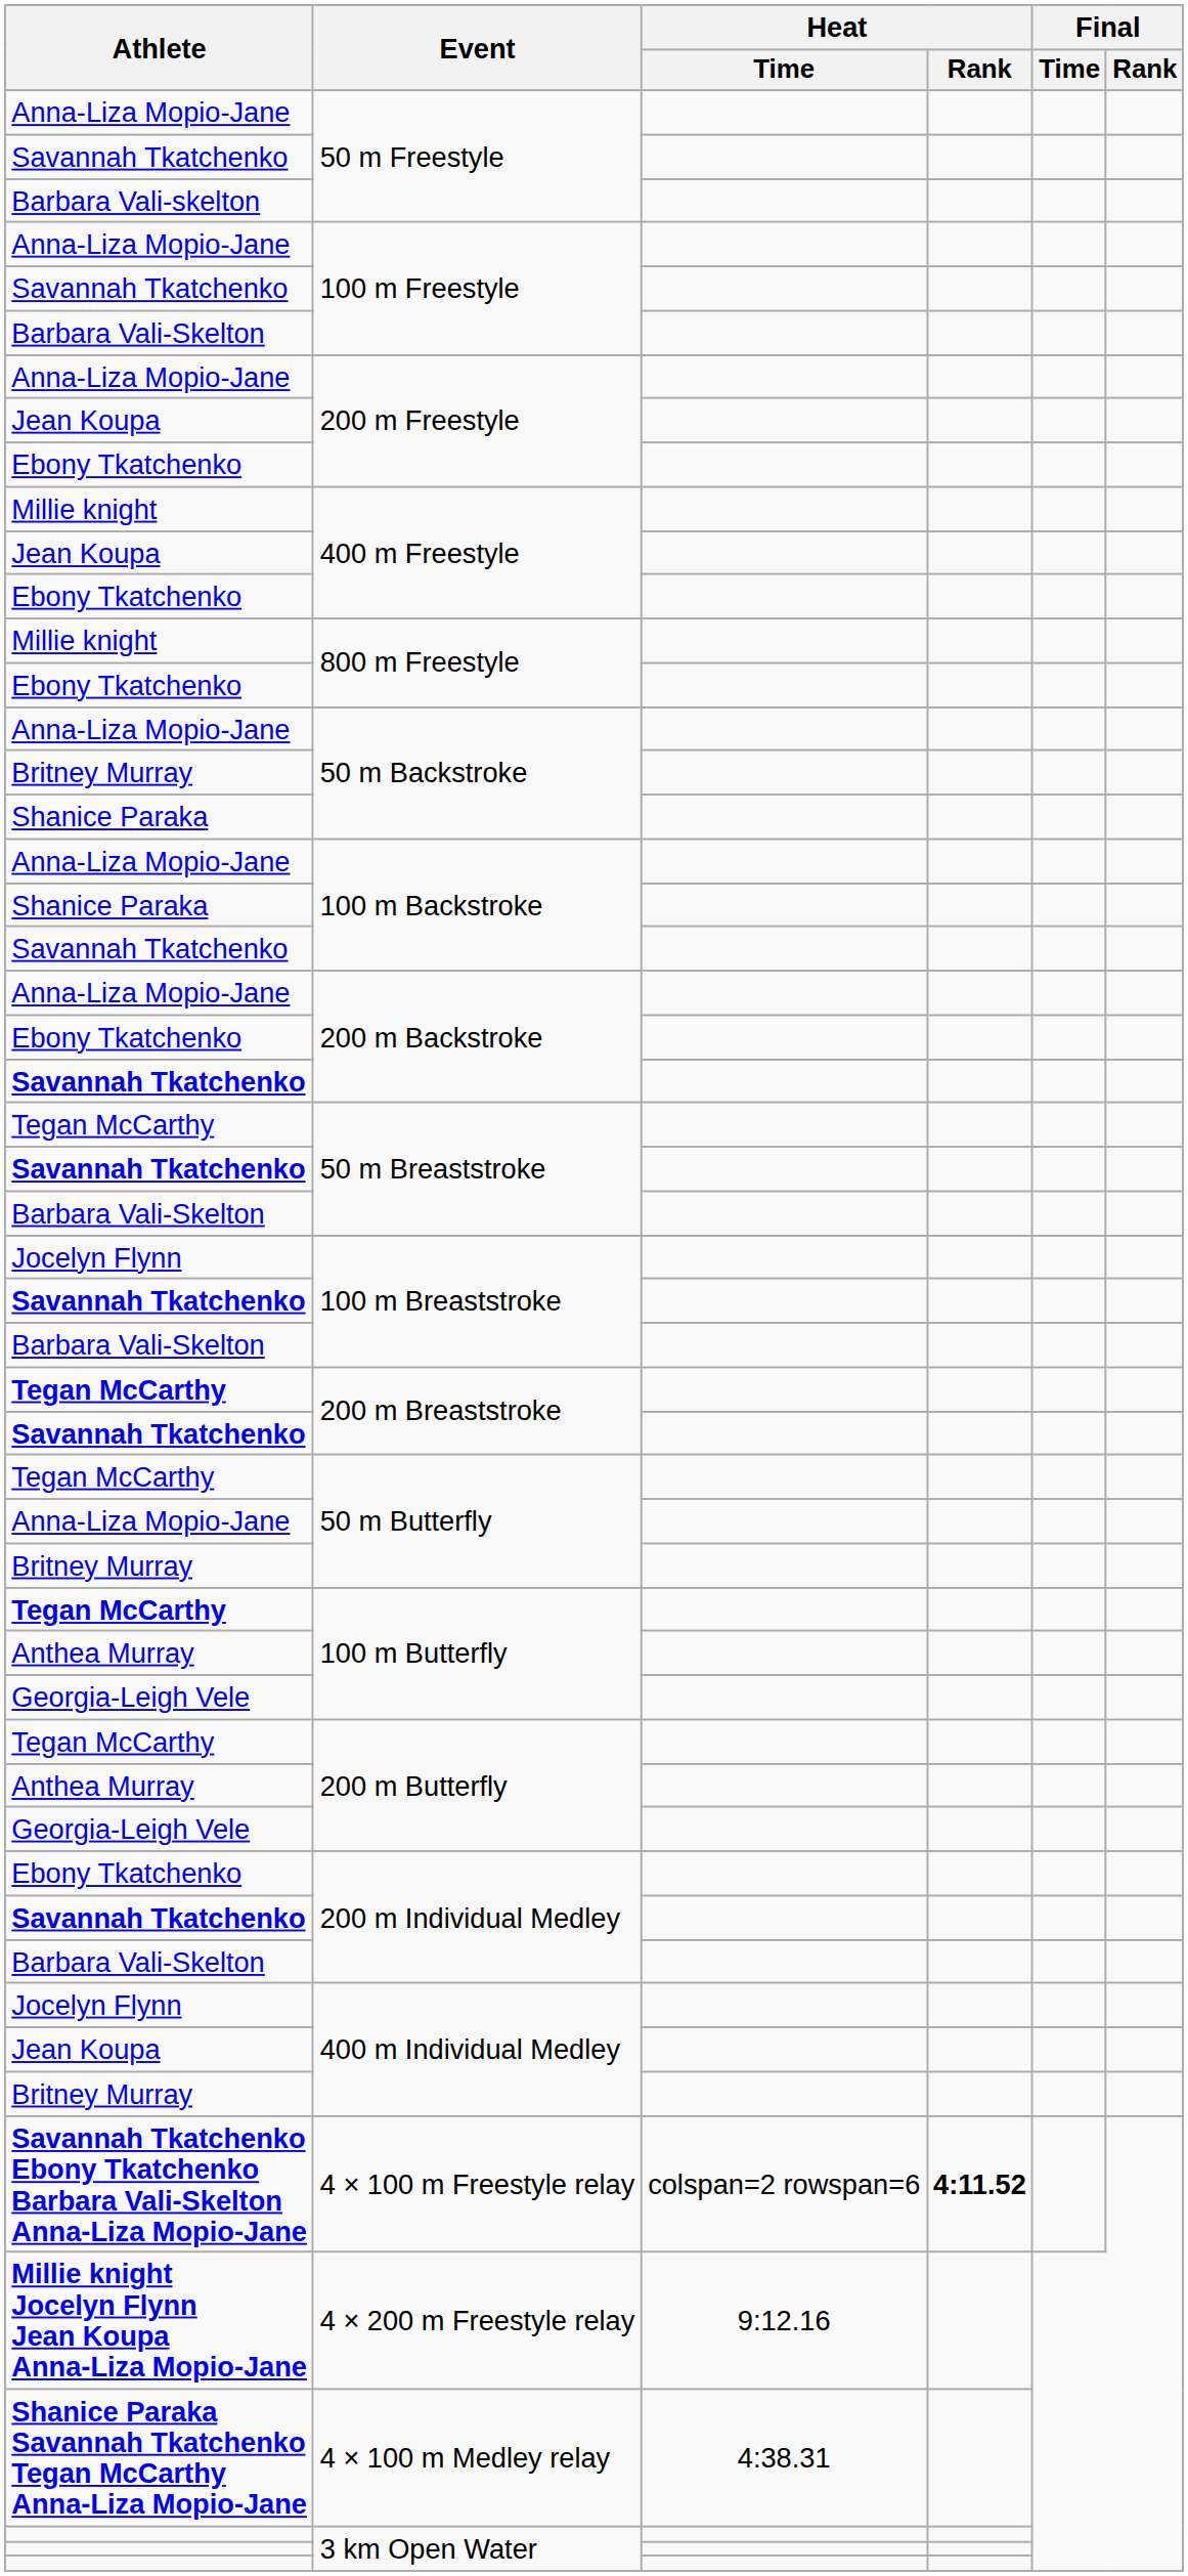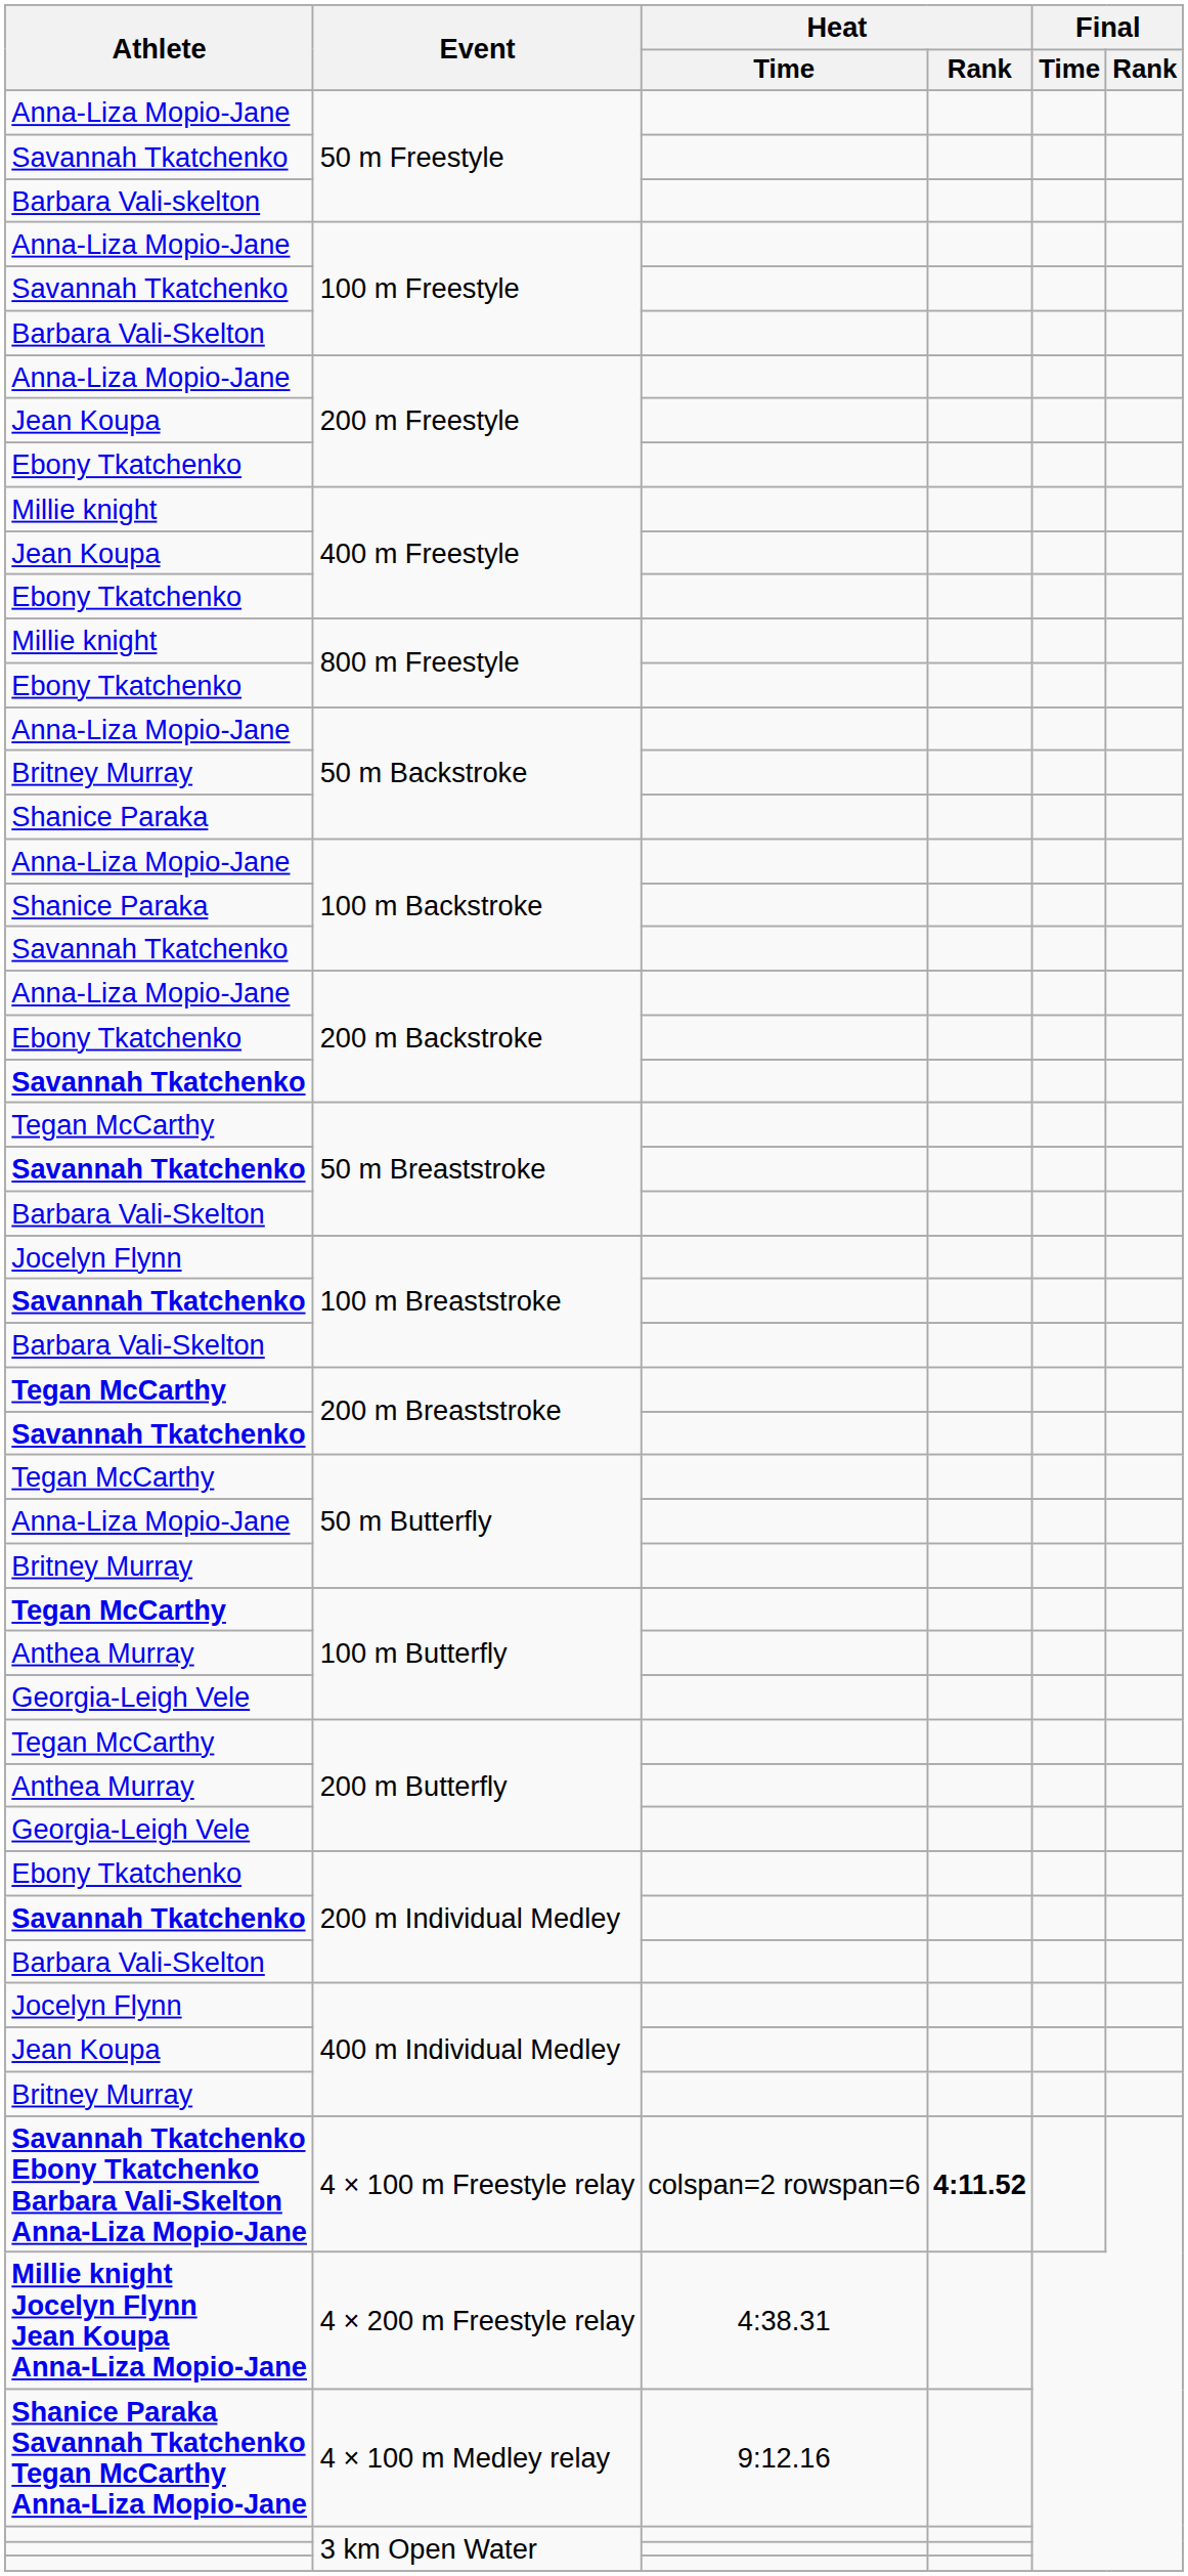 <table class=wikitable style=font-size:90%>
 <tr>
 <th rowspan=2>Athlete</th>
 <th rowspan=2>Event</th>
 <th colspan=2>Heat</th>
 <th colspan=2>Final</th>
 </tr>
 <tr style=font-size:95%>
 <th>Time</th>
 <th>Rank</th>
 <th>Time</th>
 <th>Rank</th>
 </tr>
 <tr align=center>
 <td align=left><a href='#'>Anna-Liza Mopio-Jane</a></td>
 <td align=left rowspan=3>50 m Freestyle</td>
 <td></td>
 <td></td>
 <td></td>
 <td></td>
 </tr>
 <tr align=center>
 <td align=left><a href='#'>Savannah Tkatchenko</a></td>
 <td></td>
 <td></td>
 <td></td>
 <td></td>
 </tr>
 <tr align=center>
 <td align=left><a href='#'>Barbara Vali-skelton</a></td>
 <td></td>
 <td></td>
 <td></td>
 <td></td>
 </tr>
 <tr align=center>
 <td align=left><a href='#'>Anna-Liza Mopio-Jane</a></td>
 <td align=left rowspan=3>100 m Freestyle</td>
 <td></td>
 <td></td>
 <td></td>
 <td></td>
 </tr>
 <tr align=center>
 <td align=left><a href='#'>Savannah Tkatchenko</a></td>
 <td></td>
 <td></td>
 <td></td>
 <td></td>
 </tr>
 <tr align=center>
 <td align=left><a href='#'>Barbara Vali-Skelton</a></td>
 <td></td>
 <td></td>
 <td></td>
 <td></td>
 </tr>
 <tr align=center>
 <td align=left><a href='#'>Anna-Liza Mopio-Jane</a></td>
 <td align=left rowspan=3>200 m Freestyle</td>
 <td></td>
 <td></td>
 <td></td>
 <td></td>
 </tr>
 <tr align=center>
 <td align=left><a href='#'>Jean Koupa</a></td>
 <td></td>
 <td></td>
 <td></td>
 <td></td>
 </tr>
 <tr align=center>
 <td align=left><a href='#'>Ebony Tkatchenko</a></td>
 <td></td>
 <td></td>
 <td></td>
 <td></td>
 </tr>
 <tr align=center>
 <td align=left><a href='#'>Millie knight</a></td>
 <td align=left rowspan=3>400 m Freestyle</td>
 <td></td>
 <td></td>
 <td></td>
 <td></td>
 </tr>
 <tr align=center>
 <td align=left><a href='#'>Jean Koupa</a></td>
 <td></td>
 <td></td>
 <td></td>
 <td></td>
 </tr>
 <tr align=center>
 <td align=left><a href='#'>Ebony Tkatchenko</a></td>
 <td></td>
 <td></td>
 <td></td>
 <td></td>
 </tr>
 <tr align=center>
 <td align=left><a href='#'>Millie knight</a></td>
 <td align=left rowspan=2>800 m Freestyle</td>
 <td></td>
 <td></td>
 <td></td>
 <td></td>
 </tr>
 <tr align=center>
 <td align=left><a href='#'>Ebony Tkatchenko</a></td>
 <td></td>
 <td></td>
 <td></td>
 <td></td>
 </tr>
 <tr align=center>
 <td align=left><a href='#'>Anna-Liza Mopio-Jane</a></td>
 <td align=left rowspan=3>50 m Backstroke</td>
 <td></td>
 <td></td>
 <td></td>
 <td></td>
 </tr>
 <tr align=center>
 <td align=left><a href='#'>Britney Murray</a></td>
 <td></td>
 <td></td>
 <td></td>
 <td></td>
 </tr>
 <tr align=center>
 <td align=left><a href='#'>Shanice Paraka</a></td>
 <td></td>
 <td></td>
 <td></td>
 <td></td>
 </tr>
 <tr align=center>
 <td align=left><a href='#'>Anna-Liza Mopio-Jane</a></td>
 <td align=left rowspan=3>100 m Backstroke</td>
 <td></td>
 <td></td>
 <td></td>
 <td></td>
 </tr>
 <tr align=center>
 <td align=left><a href='#'>Shanice Paraka</a></td>
 <td></td>
 <td></td>
 <td></td>
 <td></td>
 </tr>
 <tr align=center>
 <td align=left><a href='#'>Savannah Tkatchenko</a></td>
 <td></td>
 <td></td>
 <td></td>
 <td></td>
 </tr>
 <tr align=center>
 <td align=left><a href='#'>Anna-Liza Mopio-Jane</a></td>
 <td align=left rowspan=3>200 m Backstroke</td>
 <td></td>
 <td></td>
 <td></td>
 <td></td>
 </tr>
 <tr align=center>
 <td align=left><a href='#'>Ebony Tkatchenko</a></td>
 <td></td>
 <td></td>
 <td></td>
 <td></td>
 </tr>
 <tr align=center>
 <td align=left><strong><a href='#'>Savannah Tkatchenko</a></strong></td>
 <td></td>
 <td></td>
 <td></td>
 <td></td>
 </tr>
 <tr align=center>
 <td align=left><a href='#'>Tegan McCarthy</a></td>
 <td align=left rowspan=3>50 m Breaststroke</td>
 <td></td>
 <td></td>
 <td></td>
 <td></td>
 </tr>
 <tr align=center>
 <td align=left><strong><a href='#'>Savannah Tkatchenko</a></strong></td>
 <td></td>
 <td></td>
 <td></td>
 <td></td>
 </tr>
 <tr align=center>
 <td align=left><a href='#'>Barbara Vali-Skelton</a></td>
 <td></td>
 <td></td>
 <td></td>
 <td></td>
 </tr>
 <tr align=center>
 <td align=left><a href='#'>Jocelyn Flynn</a></td>
 <td align=left rowspan=3>100 m Breaststroke</td>
 <td></td>
 <td></td>
 <td></td>
 <td></td>
 </tr>
 <tr align=center>
 <td align=left><strong><a href='#'>Savannah Tkatchenko</a></strong></td>
 <td></td>
 <td></td>
 <td></td>
 <td></td>
 </tr>
 <tr align=center>
 <td align=left><a href='#'>Barbara Vali-Skelton</a></td>
 <td></td>
 <td></td>
 <td></td>
 <td></td>
 </tr>
 <tr align=center>
 <td align=left><strong><a href='#'>Tegan McCarthy</a></strong></td>
 <td align=left rowspan=2>200 m Breaststroke</td>
 <td></td>
 <td></td>
 <td></td>
 <td></td>
 </tr>
 <tr align=center>
 <td align=left><strong><a href='#'>Savannah Tkatchenko</a></strong></td>
 <td></td>
 <td></td>
 <td></td>
 <td></td>
 </tr>
 <tr align=center>
 <td align=left><a href='#'>Tegan McCarthy</a></td>
 <td align=left rowspan=3>50 m Butterfly</td>
 <td></td>
 <td></td>
 <td></td>
 <td></td>
 </tr>
 <tr align=center>
 <td align=left><a href='#'>Anna-Liza Mopio-Jane</a></td>
 <td></td>
 <td></td>
 <td></td>
 <td></td>
 </tr>
 <tr align=center>
 <td align=left><a href='#'>Britney Murray</a></td>
 <td></td>
 <td></td>
 <td></td>
 <td></td>
 </tr>
 <tr align=center>
 <td align=left><strong><a href='#'>Tegan McCarthy</a></strong></td>
 <td align=left rowspan=3>100 m Butterfly</td>
 <td></td>
 <td></td>
 <td></td>
 <td></td>
 </tr>
 <tr align=center>
 <td align=left><a href='#'>Anthea Murray</a></td>
 <td></td>
 <td></td>
 <td></td>
 <td></td>
 </tr>
 <tr align=center>
 <td align=left><a href='#'>Georgia-Leigh Vele</a></td>
 <td></td>
 <td></td>
 <td></td>
 <td></td>
 </tr>
 <tr align=center>
 <td align=left><a href='#'>Tegan McCarthy</a></td>
 <td align=left rowspan=3>200 m Butterfly</td>
 <td></td>
 <td></td>
 <td></td>
 <td></td>
 </tr>
 <tr align=center>
 <td align=left><a href='#'>Anthea Murray</a></td>
 <td></td>
 <td></td>
 <td></td>
 <td></td>
 </tr>
 <tr align=center>
 <td align=left><a href='#'>Georgia-Leigh Vele</a></td>
 <td></td>
 <td></td>
 <td></td>
 <td></td>
 </tr>
 <tr align=center>
 <td align=left><a href='#'>Ebony Tkatchenko</a></td>
 <td align=left rowspan=3>200 m Individual Medley</td>
 <td></td>
 <td></td>
 <td></td>
 <td></td>
 </tr>
 <tr align=center>
 <td align=left><strong><a href='#'>Savannah Tkatchenko</a></strong></td>
 <td></td>
 <td></td>
 <td></td>
 <td></td>
 </tr>
 <tr align=center>
 <td align=left><a href='#'>Barbara Vali-Skelton</a></td>
 <td></td>
 <td></td>
 <td></td>
 <td></td>
 </tr>
 <tr align=center>
 <td align=left><a href='#'>Jocelyn Flynn</a></td>
 <td align=left rowspan=3>400 m Individual Medley</td>
 <td></td>
 <td></td>
 <td></td>
 <td></td>
 </tr>
 <tr align=center>
 <td align=left><a href='#'>Jean Koupa</a></td>
 <td></td>
 <td></td>
 <td></td>
 <td></td>
 </tr>
 <tr align=center>
 <td align=left><a href='#'>Britney Murray</a></td>
 <td></td>
 <td></td>
 <td></td>
 <td></td>
 </tr>
 <tr align=center>
 <td align=left><strong><a href='#'>Savannah Tkatchenko</a><br><a href='#'>Ebony Tkatchenko</a><br><a href='#'>Barbara Vali-Skelton</a><br><a href='#'>Anna-Liza Mopio-Jane</a></strong></td>
 <td align=left>4 × 100 m Freestyle relay</td>
 <td>colspan=2 rowspan=6 </td>
 <td><strong>4:11.52</strong></td>
 <td></td>
 </tr>
 <tr align=center>
 <td align=left><strong><a href='#'>Millie knight</a><br><a href='#'>Jocelyn Flynn</a><br><a href='#'>Jean Koupa</a><br><a href='#'>Anna-Liza Mopio-Jane</a></strong></td>
 <td align=left>4 × 200 m Freestyle relay</td>
-<td>9:12.16</td>
+<td>4:38.31</td>
 <td></td>
 </tr>
 <tr align=center>
 <td align=left><strong><a href='#'>Shanice Paraka</a><br><a href='#'>Savannah Tkatchenko</a><br><a href='#'>Tegan McCarthy</a><br><a href='#'>Anna-Liza Mopio-Jane</a></strong></td>
 <td align=left>4 × 100 m Medley relay</td>
-<td>4:38.31</td>
+<td>9:12.16</td>
 <td></td>
 </tr>
 <tr align=center>
 <td align=left></td>
 <td align=left rowspan=3>3 km Open Water</td>
 <td></td>
 <td></td>
 </tr>
 <tr align=center>
 <td align=left></td>
 <td></td>
 <td></td>
 </tr>
 <tr align=center>
 <td align=left></td>
 <td></td>
 <td></td>
 </tr>
 </table>
